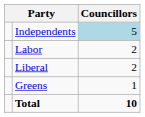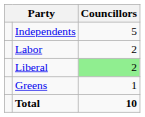 <table class="wikitable">
 <tr>
 <th colspan="2">Party</th>
 <th>Councillors</th>
 </tr>
 <tr>
 <td> </td>
 <td><a href='#'>Independents</a></td>
-<td align=right style="background: lightblue;">5</td>
+<td align=right>5</td>
 </tr>
 <tr>
 <td> </td>
 <td><a href='#'>Labor</a></td>
 <td align=right>2</td>
 </tr>
 <tr>
 <td> </td>
 <td><a href='#'>Liberal</a></td>
-<td align=right>2</td>
+<td align=right style="background: lightgreen;">2</td>
 </tr>
 <tr>
 <td> </td>
 <td><a href='#'>Greens</a></td>
 <td align=right>1</td>
 </tr>
 <tr>
 <td></td>
 <td><strong>Total</strong></td>
 <td align=right><strong>10</strong></td>
 </tr>
 </table>
